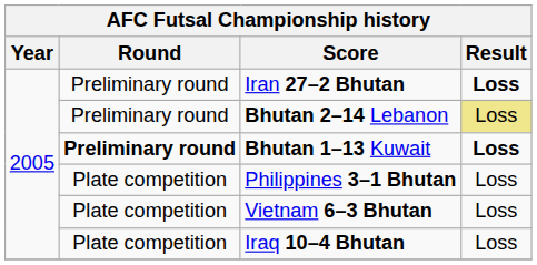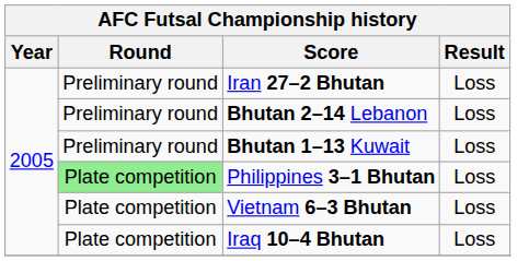 <table class="wikitable" style="text-align: center;">
 <tr>
 <th colspan=4>AFC Futsal Championship history</th>
 </tr>
 <tr>
 <th>Year</th>
 <th>Round</th>
 <th>Score</th>
 <th>Result</th>
 </tr>
 <tr>
 <td rowspan=6><a href='#'>2005</a></td>
 <td>Preliminary round</td>
 <td align="left"> <a href='#'>Iran</a> <strong>27–2</strong> <strong>Bhutan</strong> </td>
-<td><strong>Loss</strong></td>
+<td>Loss</td>
 </tr>
 <tr>
 <td>Preliminary round</td>
 <td align="left"> <strong>Bhutan</strong> <strong>2–14</strong> <a href='#'>Lebanon</a> </td>
-<td style="background: khaki;">Loss</td>
+<td>Loss</td>
 </tr>
 <tr>
-<td><strong>Preliminary round</strong></td>
+<td>Preliminary round</td>
 <td align="left"> <strong>Bhutan</strong> <strong>1–13</strong> <a href='#'>Kuwait</a> </td>
-<td><strong>Loss</strong></td>
+<td>Loss</td>
 </tr>
 <tr>
-<td>Plate competition</td>
+<td style="background: lightgreen;">Plate competition</td>
 <td align="left"> <a href='#'>Philippines</a> <strong>3–1</strong> <strong>Bhutan</strong> </td>
 <td>Loss</td>
 </tr>
 <tr>
 <td>Plate competition</td>
 <td align="left"> <a href='#'>Vietnam</a> <strong>6–3</strong> <strong>Bhutan</strong> </td>
 <td>Loss</td>
 </tr>
 <tr>
 <td>Plate competition</td>
 <td align="left"> <a href='#'>Iraq</a> <strong>10–4</strong> <strong>Bhutan</strong> </td>
 <td>Loss</td>
 </tr>
 <tr>
 </tr>
 </table>
